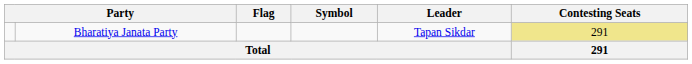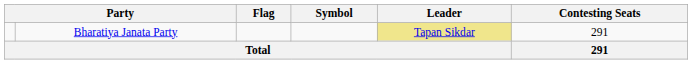 <table class="wikitable" width="60%" style="text-align:center">
 <tr>
 <th colspan="2">Party</th>
 <th>Flag</th>
 <th>Symbol</th>
 <th>Leader</th>
 <th>Contesting Seats</th>
 </tr>
 <tr>
 <td></td>
 <td><a href='#'>Bharatiya Janata Party</a></td>
 <td></td>
 <td></td>
-<td><a href='#'>Tapan Sikdar</a></td>
-<td style="background: khaki;">291</td>
+<td style="background: khaki;"><a href='#'>Tapan Sikdar</a></td>
+<td>291</td>
 </tr>
 <tr>
 <th colspan=5>Total</th>
 <th>291</th>
 </tr>
 </table>
